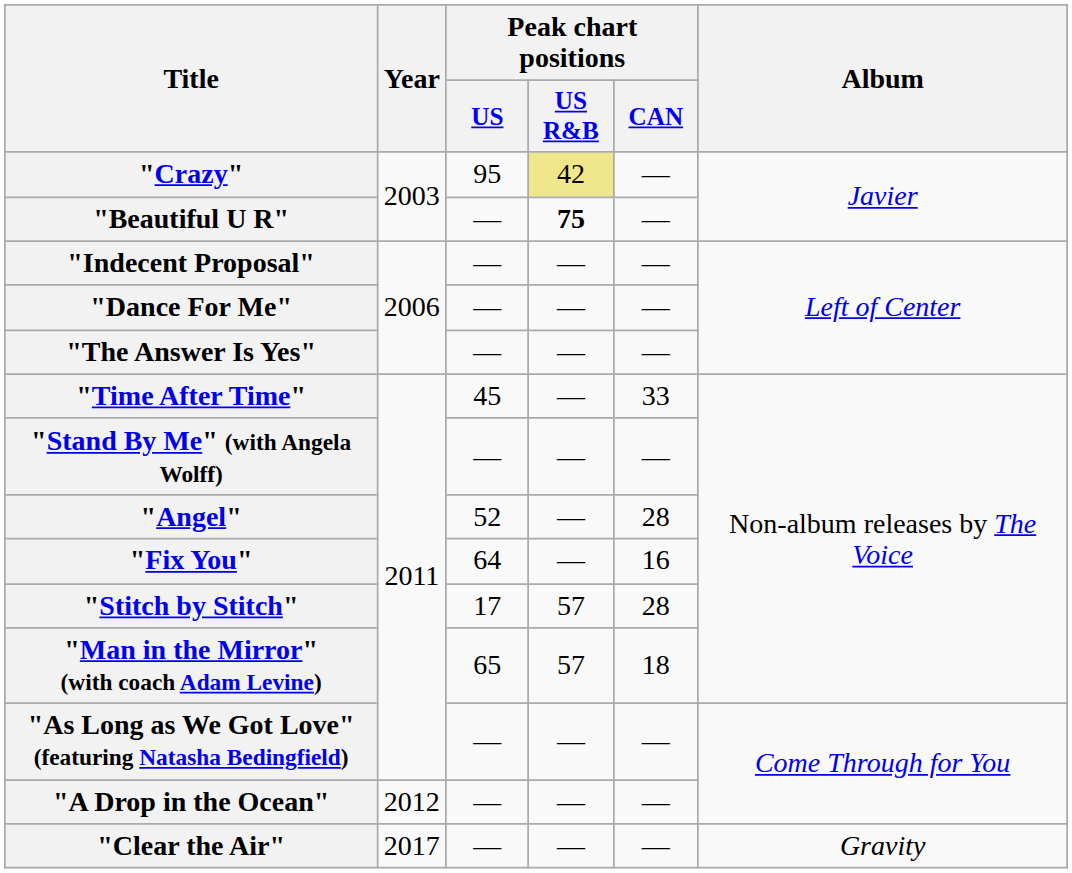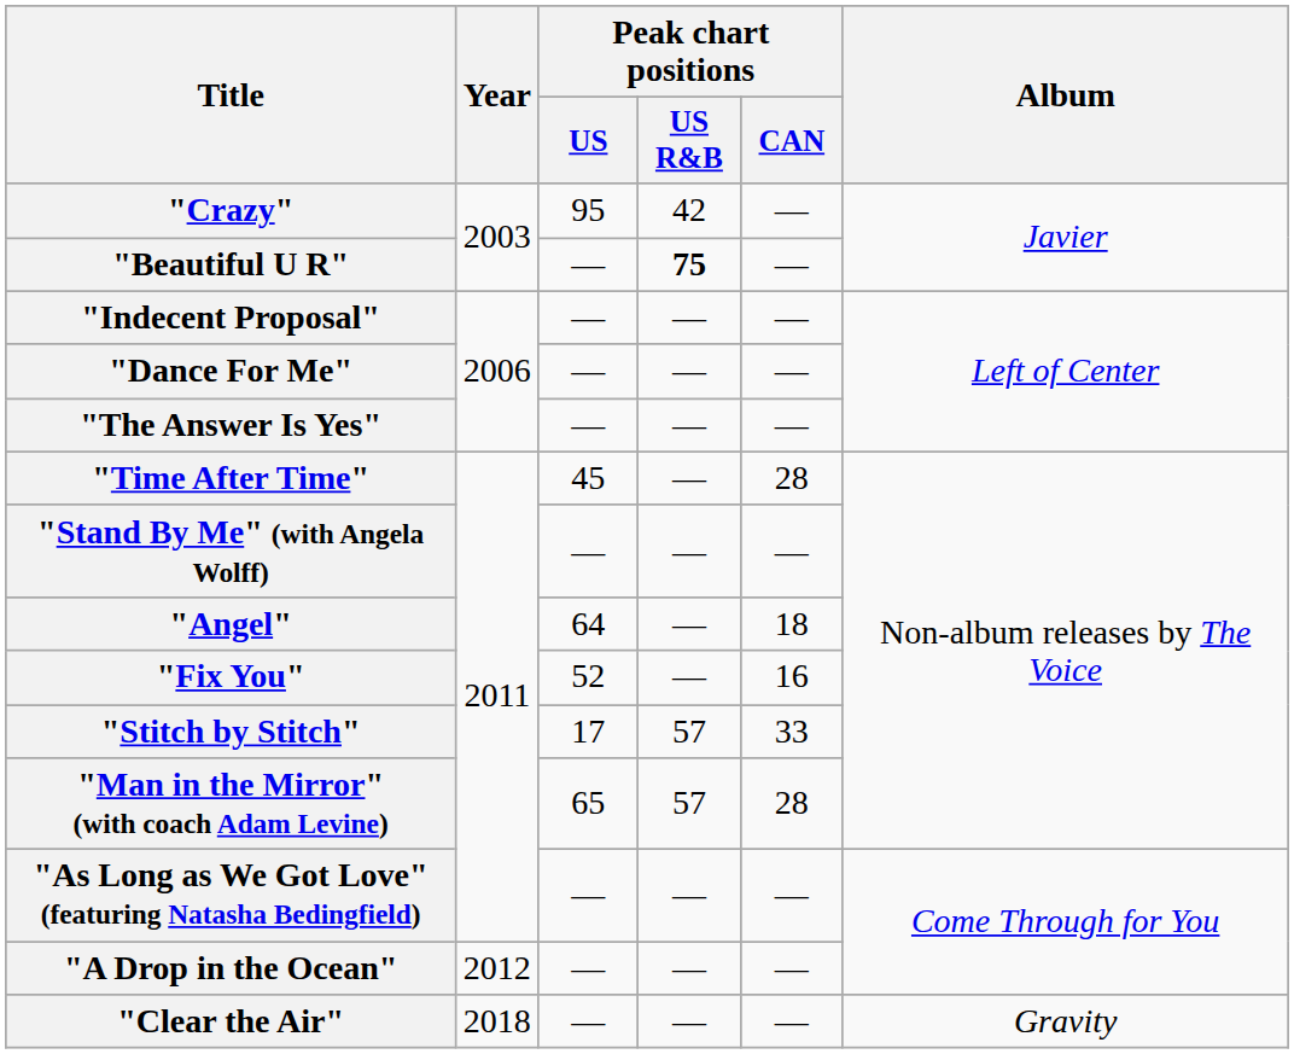 <table class="wikitable plainrowheaders" style="text-align:center;" border="1">
 <tr>
 <th scope="col" rowspan="2" style="width:14em;">Title</th>
 <th scope="col" rowspan="2">Year</th>
 <th scope="col" colspan="3">Peak chart positions</th>
 <th scope="col" rowspan="2" style="width:14em;">Album</th>
 </tr>
 <tr>
 <th scope="col" style="width:3em;font-size:90%;"><a href='#'>US</a></th>
 <th scope="col" style="width:3em;font-size:90%;"><a href='#'>US<br>R&B</a></th>
 <th scope="col" style="width:3em;font-size:90%;"><a href='#'>CAN</a></th>
 </tr>
 <tr>
 <th scope="row">"<a href='#'>Crazy</a>"</th>
 <td rowspan="2">2003</td>
 <td>95</td>
-<td style="background: khaki;">42</td>
+<td>42</td>
 <td>—</td>
 <td rowspan="2"><em><a href='#'>Javier</a></em></td>
 </tr>
 <tr>
 <th scope="row">"Beautiful U R"</th>
 <td>—</td>
 <td><strong>75</strong></td>
 <td>—</td>
 </tr>
 <tr>
 <th scope="row">"Indecent Proposal"</th>
 <td rowspan="3">2006</td>
 <td>—</td>
 <td>—</td>
 <td>—</td>
 <td rowspan="3"><em><a href='#'>Left of Center</a></em></td>
 </tr>
 <tr>
 <th scope="row">"Dance For Me"</th>
 <td>—</td>
 <td>—</td>
 <td>—</td>
 </tr>
 <tr>
 <th scope="row">"The Answer Is Yes"</th>
 <td>—</td>
 <td>—</td>
 <td>—</td>
 </tr>
 <tr>
 <th scope="row">"<a href='#'>Time After Time</a>"</th>
 <td rowspan="7">2011</td>
 <td>45</td>
 <td>—</td>
-<td>33</td>
+<td>28</td>
 <td rowspan="6">Non-album releases by <em><a href='#'>The Voice</a></em></td>
 </tr>
 <tr>
 <th scope="row">"<a href='#'>Stand By Me</a>"  <small>(with Angela Wolff)</small></th>
 <td>—</td>
 <td>—</td>
 <td>—</td>
 </tr>
 <tr>
 <th scope="row">"<a href='#'>Angel</a>"</th>
-<td>52</td>
+<td>64</td>
 <td>—</td>
-<td>28</td>
+<td>18</td>
 </tr>
 <tr>
 <th scope="row">"<a href='#'>Fix You</a>"</th>
-<td>64</td>
+<td>52</td>
 <td>—</td>
 <td>16</td>
 </tr>
 <tr>
 <th scope="row">"<a href='#'>Stitch by Stitch</a>"</th>
 <td>17</td>
 <td>57</td>
-<td>28</td>
+<td>33</td>
 </tr>
 <tr>
 <th scope="row">"<a href='#'>Man in the Mirror</a>" <br><small>(with coach <a href='#'>Adam Levine</a>)</small></th>
 <td>65</td>
 <td>57</td>
-<td>18</td>
+<td>28</td>
 </tr>
 <tr>
 <th scope="row">"As Long as We Got Love" <br><small>(featuring <a href='#'>Natasha Bedingfield</a>)</small></th>
 <td>—</td>
 <td>—</td>
 <td>—</td>
 <td rowspan="2"><em><a href='#'>Come Through for You</a></em></td>
 </tr>
 <tr>
 <th scope="row">"A Drop in the Ocean"</th>
 <td>2012</td>
 <td>—</td>
 <td>—</td>
 <td>—</td>
 </tr>
 <tr>
 <th scope="row">"Clear the Air"</th>
-<td>2017</td>
+<td>2018</td>
 <td>—</td>
 <td>—</td>
 <td>—</td>
 <td><em>Gravity</em></td>
 </tr>
 </table>
